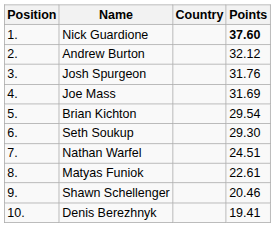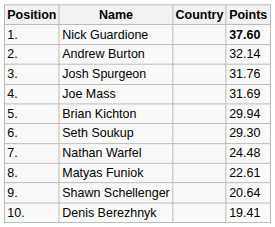 <table class="wikitable sortable" style="display: inline-table">
 <tr>
 <th>Position</th>
 <th>Name</th>
 <th>Country</th>
 <th>Points</th>
 </tr>
 <tr>
 <td>1.</td>
 <td>Nick Guardione</td>
 <td></td>
 <td><strong>37.60</strong></td>
 </tr>
 <tr>
 <td>2.</td>
 <td>Andrew Burton</td>
 <td></td>
-<td>32.12</td>
+<td>32.14</td>
 </tr>
 <tr>
 <td>3.</td>
 <td>Josh Spurgeon</td>
 <td></td>
 <td>31.76</td>
 </tr>
 <tr>
 <td>4.</td>
 <td>Joe Mass</td>
 <td></td>
 <td>31.69</td>
 </tr>
 <tr>
 <td>5.</td>
 <td>Brian Kichton</td>
 <td></td>
-<td>29.54</td>
+<td>29.94</td>
 </tr>
 <tr>
 <td>6.</td>
 <td>Seth Soukup</td>
 <td></td>
 <td>29.30</td>
 </tr>
 <tr>
 <td>7.</td>
 <td>Nathan Warfel</td>
 <td></td>
-<td>24.51</td>
+<td>24.48</td>
 </tr>
 <tr>
 <td>8.</td>
 <td>Matyas Funiok</td>
 <td></td>
 <td>22.61</td>
 </tr>
 <tr>
 <td>9.</td>
 <td>Shawn Schellenger</td>
 <td></td>
-<td>20.46</td>
+<td>20.64</td>
 </tr>
 <tr>
 <td>10.</td>
 <td>Denis Berezhnyk</td>
 <td></td>
 <td>19.41</td>
 </tr>
 </table>
